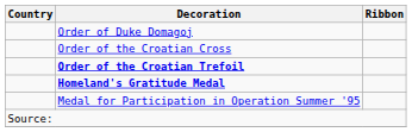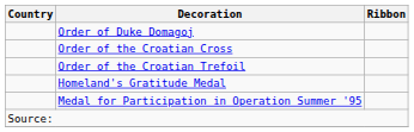 <table class="wikitable">
 <tr>
 <th width="0%">Country</th>
 <th width="0%">Decoration</th>
 <th width="0%">Ribbon</th>
 </tr>
 <tr>
 <td></td>
 <td><a href='#'>Order of Duke Domagoj</a></td>
 <td></td>
 </tr>
 <tr>
 <td></td>
 <td><a href='#'>Order of the Croatian Cross</a></td>
 <td></td>
 </tr>
 <tr>
 <td></td>
-<td><strong><a href='#'>Order of the Croatian Trefoil</a></strong></td>
+<td><a href='#'>Order of the Croatian Trefoil</a></td>
 <td></td>
 </tr>
 <tr>
 <td></td>
-<td><strong><a href='#'>Homeland's Gratitude Medal</a></strong></td>
+<td><a href='#'>Homeland's Gratitude Medal</a></td>
 <td></td>
 </tr>
 <tr>
 <td></td>
 <td><a href='#'>Medal for Participation in Operation Summer '95</a></td>
 <td></td>
 </tr>
 <tr>
 <td colspan=6>Source:</td>
 </tr>
 <tr>
 </tr>
 </table>
